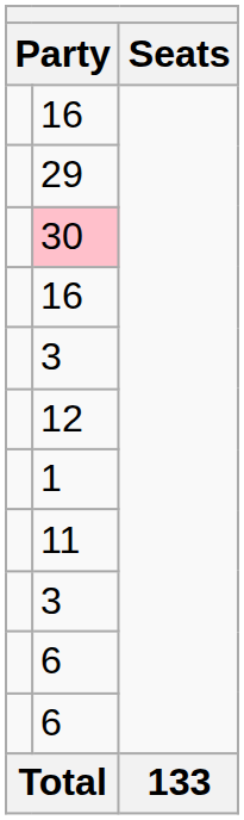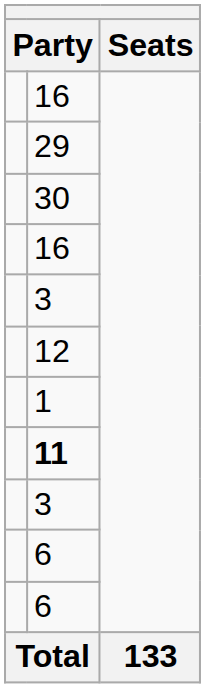 <table class="wikitable sortable">
 <tr>
 <th colspan=10></th>
 </tr>
 <tr>
 <th colspan=2>Party</th>
 <th>Seats</th>
 </tr>
 <tr --->
 <td></td>
 <td>16</td>
 </tr>
 <tr --->
 <td></td>
 <td>29</td>
 </tr>
 <tr --->
 <td></td>
-<td style="background: pink;">30</td>
+<td>30</td>
 </tr>
 <tr --->
 <td></td>
 <td>16</td>
 </tr>
 <tr --->
 <td></td>
 <td>3</td>
 </tr>
 <tr --->
 <td></td>
 <td>12</td>
 </tr>
 <tr --->
 <td></td>
 <td>1</td>
 </tr>
 <tr --->
 <td></td>
-<td>11</td>
+<td><strong>11</strong></td>
 </tr>
 <tr --->
 <td></td>
 <td>3</td>
 </tr>
 <tr --->
 <td></td>
 <td>6</td>
 </tr>
 <tr --->
 <td></td>
 <td>6</td>
 </tr>
 <tr --->
 <th colspan=2>Total</th>
 <th>133</th>
 </tr>
 </table>
